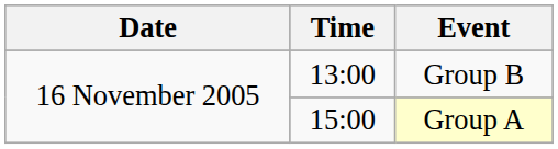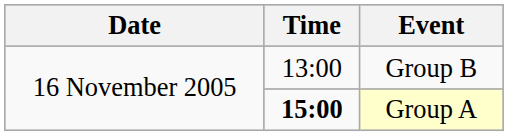 <table class = "wikitable" style="text-align:center;">
 <tr>
 <th width=150>Date</th>
 <th width=50>Time</th>
 <th width=80>Event</th>
 </tr>
 <tr>
 <td rowspan=2>16 November 2005</td>
 <td>13:00</td>
 <td>Group B</td>
 </tr>
 <tr>
-<td>15:00</td>
+<td><strong>15:00</strong></td>
 <td bgcolor=ffffcc>Group A</td>
 </tr>
 </table>
